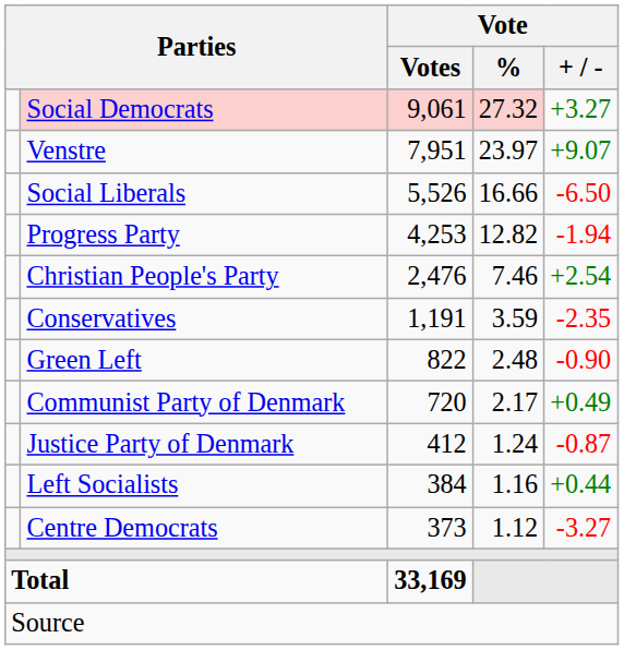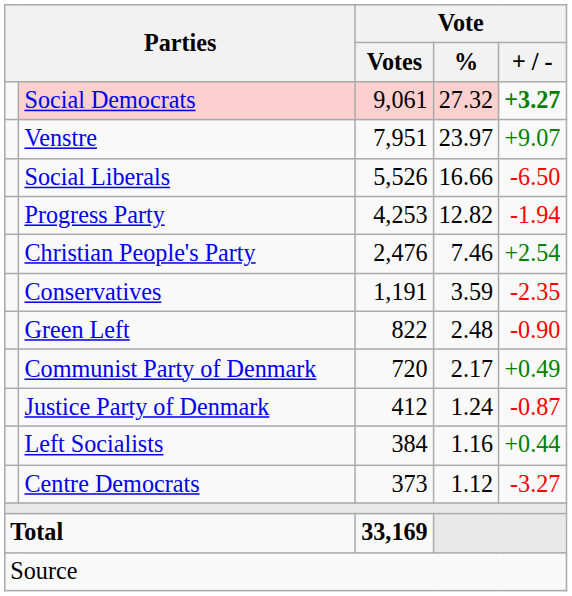 <table class="wikitable" style="text-align:right;">
 <tr>
 <th style="text-align:centre;" rowspan="2" colspan="2" width="225">Parties</th>
 <th colspan="3">Vote</th>
 </tr>
 <tr>
 <th width="15">Votes</th>
 <th width="15">%</th>
 <th width="15">+ / -</th>
 </tr>
 <tr>
 <td width="2" style="color:inherit;background:"></td>
 <td bgcolor=#fbd0ce  align="left"><a href='#'>Social Democrats</a></td>
 <td bgcolor=#fbd0ce>9,061</td>
 <td bgcolor=#fbd0ce>27.32</td>
-<td style=color:green;>+3.27</td>
+<td style=color:green;><strong>+3.27</strong></td>
 </tr>
 <tr>
 <td width="2" style="color:inherit;background:"></td>
 <td align="left"><a href='#'>Venstre</a></td>
 <td>7,951</td>
 <td>23.97</td>
 <td style=color:green;>+9.07</td>
 </tr>
 <tr>
 <td width="2" style="color:inherit;background:"></td>
 <td align="left"><a href='#'>Social Liberals</a></td>
 <td>5,526</td>
 <td>16.66</td>
 <td style=color:red;>-6.50</td>
 </tr>
 <tr>
 <td width="2" style="color:inherit;background:"></td>
 <td align="left"><a href='#'>Progress Party</a></td>
 <td>4,253</td>
 <td>12.82</td>
 <td style=color:red;>-1.94</td>
 </tr>
 <tr>
 <td width="2" style="color:inherit;background:"></td>
 <td align="left"><a href='#'>Christian People's Party</a></td>
 <td>2,476</td>
 <td>7.46</td>
 <td style=color:green;>+2.54</td>
 </tr>
 <tr>
 <td width="2" style="color:inherit;background:"></td>
 <td align="left"><a href='#'>Conservatives</a></td>
 <td>1,191</td>
 <td>3.59</td>
 <td style=color:red;>-2.35</td>
 </tr>
 <tr>
 <td width="2" style="color:inherit;background:"></td>
 <td align="left"><a href='#'>Green Left</a></td>
 <td>822</td>
 <td>2.48</td>
 <td style=color:red;>-0.90</td>
 </tr>
 <tr>
 <td width="2" style="color:inherit;background:"></td>
 <td align="left"><a href='#'>Communist Party of Denmark</a></td>
 <td>720</td>
 <td>2.17</td>
 <td style=color:green;>+0.49</td>
 </tr>
 <tr>
 <td width="2" style="color:inherit;background:"></td>
 <td align="left"><a href='#'>Justice Party of Denmark</a></td>
 <td>412</td>
 <td>1.24</td>
 <td style=color:red;>-0.87</td>
 </tr>
 <tr>
 <td width="2" style="color:inherit;background:"></td>
 <td align="left"><a href='#'>Left Socialists</a></td>
 <td>384</td>
 <td>1.16</td>
 <td style=color:green;>+0.44</td>
 </tr>
 <tr>
 <td width="2" style="color:inherit;background:"></td>
 <td align="left"><a href='#'>Centre Democrats</a></td>
 <td>373</td>
 <td>1.12</td>
 <td style=color:red;>-3.27</td>
 </tr>
 <tr>
 <td colspan="7" bgcolor="#E9E9E9"></td>
 </tr>
 <tr>
 <td align="left" colspan="2"><strong>Total</strong></td>
 <td><strong>33,169</strong></td>
 <td bgcolor="#E9E9E9" colspan="2"></td>
 </tr>
 <tr>
 <td align="left" colspan="6">Source</td>
 </tr>
 </table>
